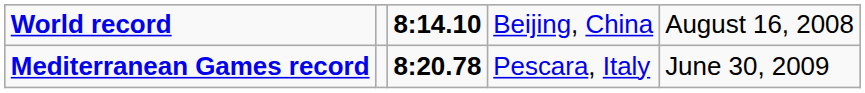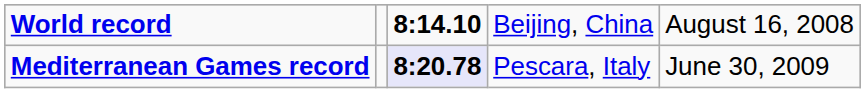 <table class="wikitable">
 <tr>
 <td><strong><a href='#'>World record</a></strong></td>
 <td></td>
 <td><strong>8:14.10</strong></td>
 <td><a href='#'>Beijing</a>, <a href='#'>China</a></td>
 <td>August 16, 2008</td>
 </tr>
 <tr>
 <td><strong><a href='#'>Mediterranean Games record</a></strong></td>
 <td></td>
-<td><strong>8:20.78</strong></td>
+<td style="background: lavender;"><strong>8:20.78</strong></td>
 <td><a href='#'>Pescara</a>, <a href='#'>Italy</a></td>
 <td>June 30, 2009</td>
 </tr>
 </table>
